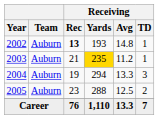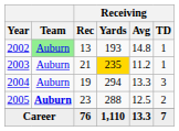 <table class="wikitable" style="text-align:center;">
 <tr>
 <th colspan="2"></th>
 <th colspan="4">Receiving</th>
 </tr>
 <tr>
 <th>Year</th>
 <th>Team</th>
 <th>Rec</th>
 <th>Yards</th>
 <th>Avg</th>
 <th>TD</th>
 </tr>
 <tr>
 <td><a href='#'>2002</a></td>
-<td><a href='#'>Auburn</a></td>
-<td><strong>13</strong></td>
+<td style="background: lightgreen;"><a href='#'>Auburn</a></td>
+<td>13</td>
 <td>193</td>
 <td>14.8</td>
 <td>1</td>
 </tr>
 <tr>
 <td><a href='#'>2003</a></td>
 <td><a href='#'>Auburn</a></td>
 <td>21</td>
 <td style="background: gold;">235</td>
 <td>11.2</td>
 <td>1</td>
 </tr>
 <tr>
 <td><a href='#'>2004</a></td>
 <td><a href='#'>Auburn</a></td>
 <td>19</td>
 <td>294</td>
 <td>13.3</td>
 <td>3</td>
 </tr>
 <tr>
 <td><a href='#'>2005</a></td>
-<td><a href='#'>Auburn</a></td>
+<td><strong><a href='#'>Auburn</a></strong></td>
 <td>23</td>
 <td>288</td>
 <td>12.5</td>
 <td>2</td>
 </tr>
 <tr>
 </tr>
 <tr style="background:#eee; font-weight:bold; color:black;">
 <td colspan=2>Career</td>
 <td>76</td>
 <td>1,110</td>
 <td>13.3</td>
 <td>7</td>
 </tr>
 </table>
